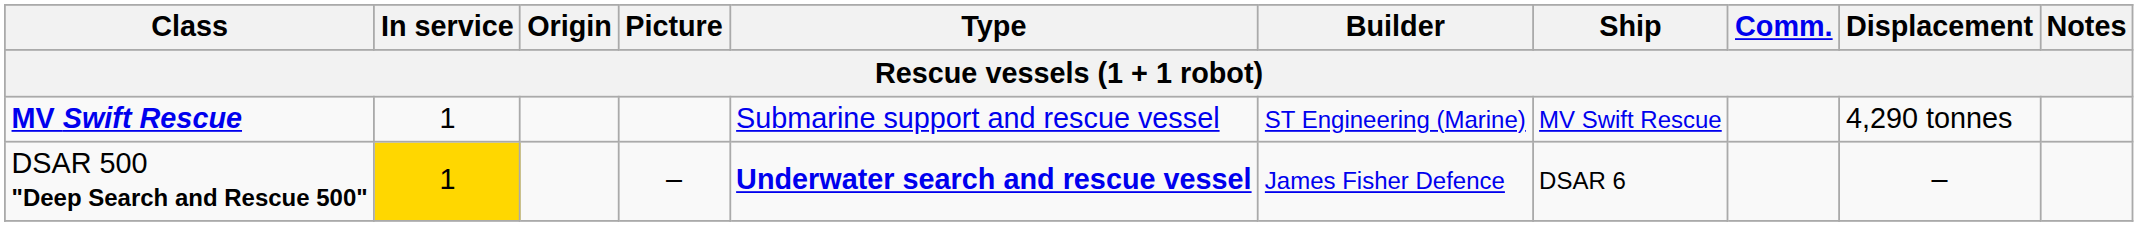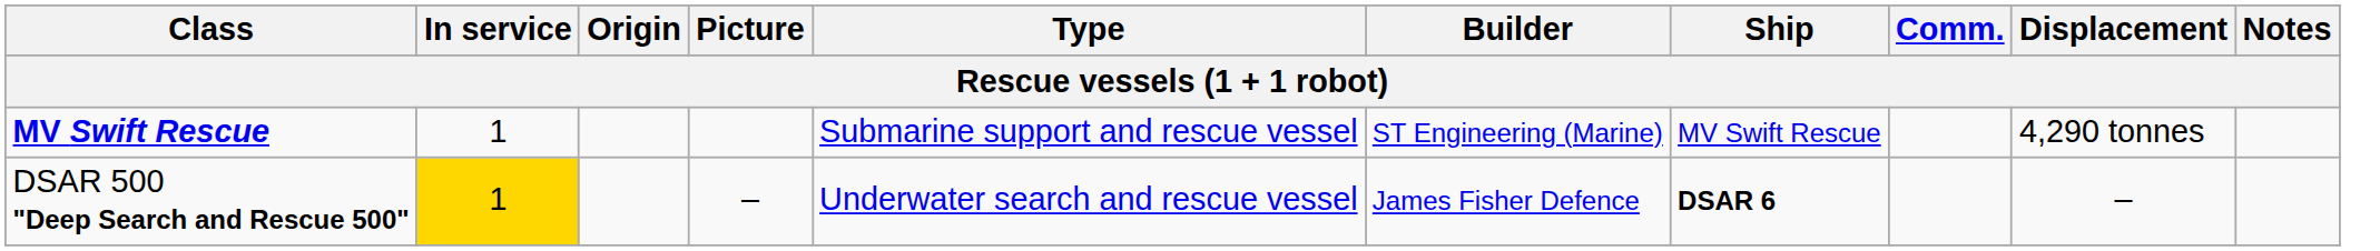 <table class="wikitable">
 <tr>
 <th>Class</th>
 <th>In service</th>
 <th>Origin</th>
 <th>Picture</th>
 <th>Type</th>
 <th>Builder</th>
 <th>Ship</th>
 <th><a href='#'>Comm.</a></th>
 <th>Displacement</th>
 <th>Notes</th>
 </tr>
 <tr>
 <th colspan="10">Rescue vessels (1 + 1 robot)</th>
 </tr>
 <tr>
 <td><a href='#'><strong>MV <em>Swift Rescue<strong><em></a></td>
 <td style="text-align: center;"></strong>1<strong></td>
 <td></td>
 <td></td>
 <td><a href='#'>Submarine support and rescue vessel</a></td>
 <td><small><a href='#'>ST Engineering (Marine)</a></small></td>
 <td><a href='#'><small>MV </em>Swift Rescue<em></small></a></td>
 <td><small></small></td>
 <td>4,290 tonnes</td>
 <td></td>
 </tr>
 <tr>
 <td></strong>DSAR 500<strong><br><small></em>"Deep Search and Rescue 500"<em></small></td>
 <td style="background: gold; text-align: center;"></strong>1<strong></td>
 <td></td>
 <td style="text-align: center;">–</td>
-<td><strong><a href='#'>Underwater search and rescue vessel</a></strong></td>
+<td><a href='#'>Underwater search and rescue vessel</a></td>
 <td><small><a href='#'>James Fisher Defence</a></small></td>
-<td><small>DSAR 6</small></td>
+<td><strong><small>DSAR 6</small></strong></td>
 <td><small></small></td>
 <td style="text-align: center;">–</td>
 <td></td>
 </tr>
 </table>
